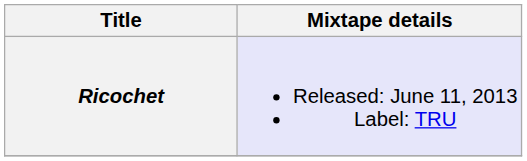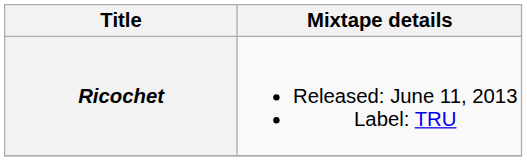 <table class="wikitable plainrowheaders" style="text-align:center;">
 <tr>
 <th scope="col" style="width:11em;">Title</th>
 <th scope="col">Mixtape details</th>
 </tr>
 <tr>
 <th scope="row"><em>Ricochet</em></th>
-<td style="background: lavender;"><br><ul><li>Released: June 11, 2013</li><li>Label: <a href='#'>TRU</a></li></ul></td>
+<td><br><ul><li>Released: June 11, 2013</li><li>Label: <a href='#'>TRU</a></li></ul></td>
 </tr>
 <tr>
 </tr>
 </table>
